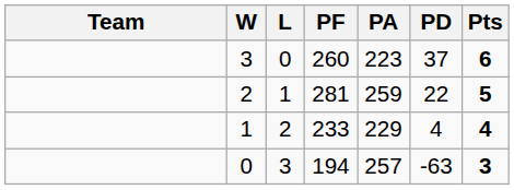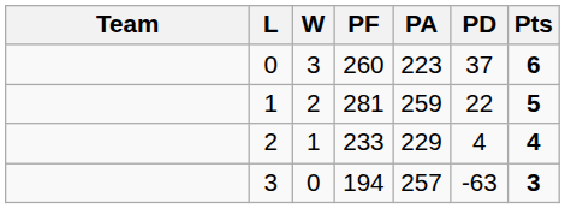 <table class="wikitable" style="text-align:center;">
 <tr>
 <th width=150>Team</th>
+<th width=20>L</th>
 <th width=20>W</th>
-<th width=20>L</th>
 <th width=30>PF</th>
 <th width=30>PA</th>
 <th width=30>PD</th>
 <th width=20>Pts</th>
 </tr>
 <tr>
 <td align="left"></td>
+<td>0</td>
 <td>3</td>
-<td>0</td>
 <td>260</td>
 <td>223</td>
 <td>37</td>
 <td><strong>6</strong></td>
 </tr>
 <tr>
 <td align="left"></td>
+<td>1</td>
 <td>2</td>
-<td>1</td>
 <td>281</td>
 <td>259</td>
 <td>22</td>
 <td><strong>5</strong></td>
 </tr>
 <tr>
 <td align="left"></td>
+<td>2</td>
 <td>1</td>
-<td>2</td>
 <td>233</td>
 <td>229</td>
 <td>4</td>
 <td><strong>4</strong></td>
 </tr>
 <tr>
 <td align="left"></td>
+<td>3</td>
 <td>0</td>
-<td>3</td>
 <td>194</td>
 <td>257</td>
 <td>-63</td>
 <td><strong>3</strong></td>
 </tr>
 </table>
